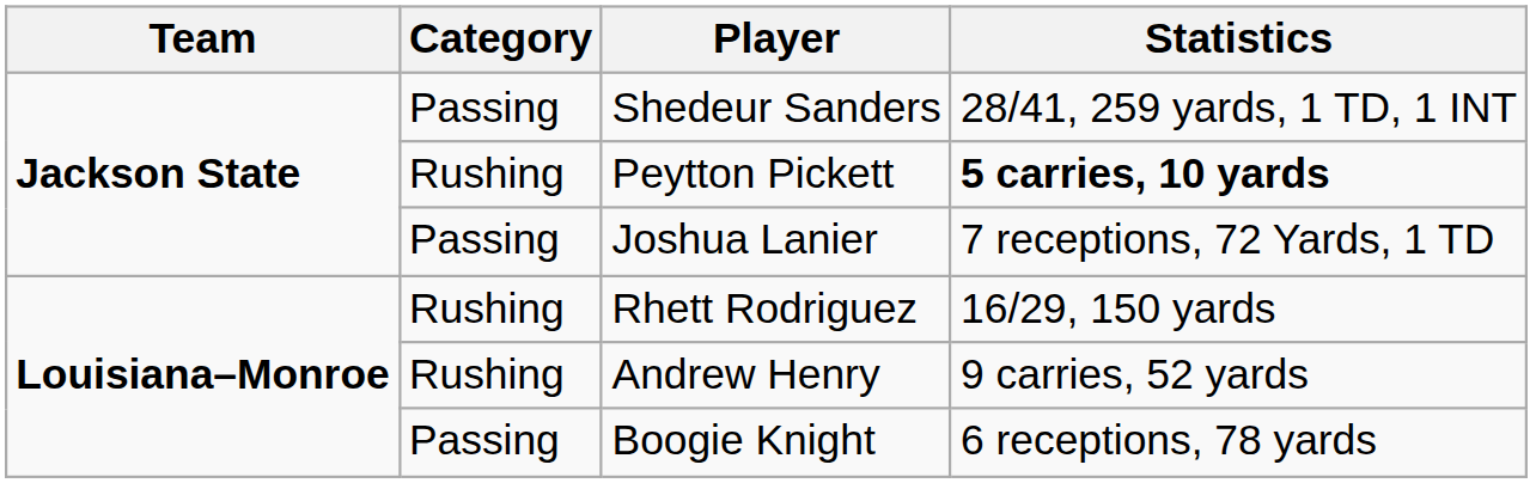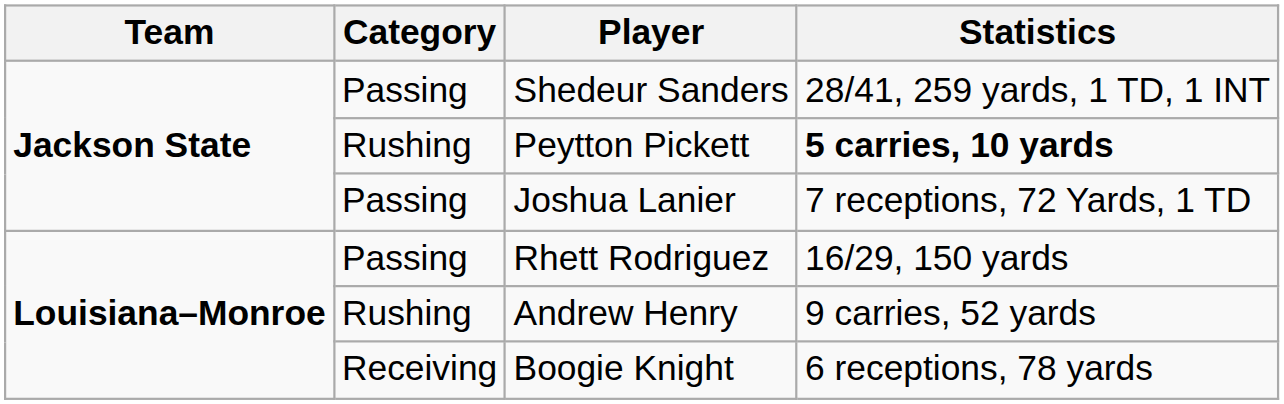 <table class="wikitable" style="float: left;">
 <tr>
 <th>Team</th>
 <th>Category</th>
 <th>Player</th>
 <th>Statistics</th>
 </tr>
 <tr>
 <td rowspan=3><strong>Jackson State</strong></td>
 <td>Passing</td>
 <td>Shedeur Sanders</td>
 <td>28/41, 259 yards, 1 TD, 1 INT</td>
 </tr>
 <tr>
 <td>Rushing</td>
 <td>Peytton Pickett</td>
 <td><strong>5 carries, 10 yards</strong></td>
 </tr>
 <tr>
 <td>Passing</td>
 <td>Joshua Lanier</td>
 <td>7 receptions, 72 Yards, 1 TD</td>
 </tr>
 <tr>
 <td rowspan=3><strong>Louisiana–Monroe</strong></td>
-<td>Rushing</td>
+<td>Passing</td>
 <td>Rhett Rodriguez</td>
 <td>16/29, 150 yards</td>
 </tr>
 <tr>
 <td>Rushing</td>
 <td>Andrew Henry</td>
 <td>9 carries, 52 yards</td>
 </tr>
 <tr>
-<td>Passing</td>
+<td>Receiving</td>
 <td>Boogie Knight</td>
 <td>6 receptions, 78 yards</td>
 </tr>
 </table>
